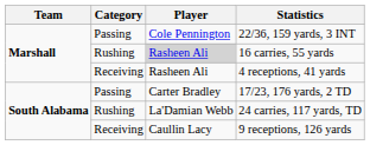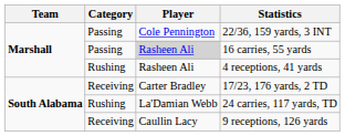 <table class="wikitable" style="float: right;">
 <tr>
 <th>Team</th>
 <th>Category</th>
 <th>Player</th>
 <th>Statistics</th>
 </tr>
 <tr>
 <td rowspan=3><strong>Marshall</strong></td>
 <td>Passing</td>
 <td><a href='#'>Cole Pennington</a></td>
 <td>22/36, 159 yards, 3 INT</td>
 </tr>
 <tr>
-<td>Rushing</td>
+<td>Passing</td>
 <td style="background: lightgrey;"><a href='#'>Rasheen Ali</a></td>
 <td>16 carries, 55 yards</td>
 </tr>
 <tr>
-<td>Receiving</td>
+<td>Rushing</td>
 <td>Rasheen Ali</td>
 <td>4 receptions, 41 yards</td>
 </tr>
 <tr>
 <td rowspan=3><strong>South Alabama</strong></td>
-<td>Passing</td>
+<td>Receiving</td>
 <td>Carter Bradley</td>
 <td>17/23, 176 yards, 2 TD</td>
 </tr>
 <tr>
 <td>Rushing</td>
 <td>La'Damian Webb</td>
 <td>24 carries, 117 yards, TD</td>
 </tr>
 <tr>
 <td>Receiving</td>
 <td>Caullin Lacy</td>
 <td>9 receptions, 126 yards</td>
 </tr>
 </table>
